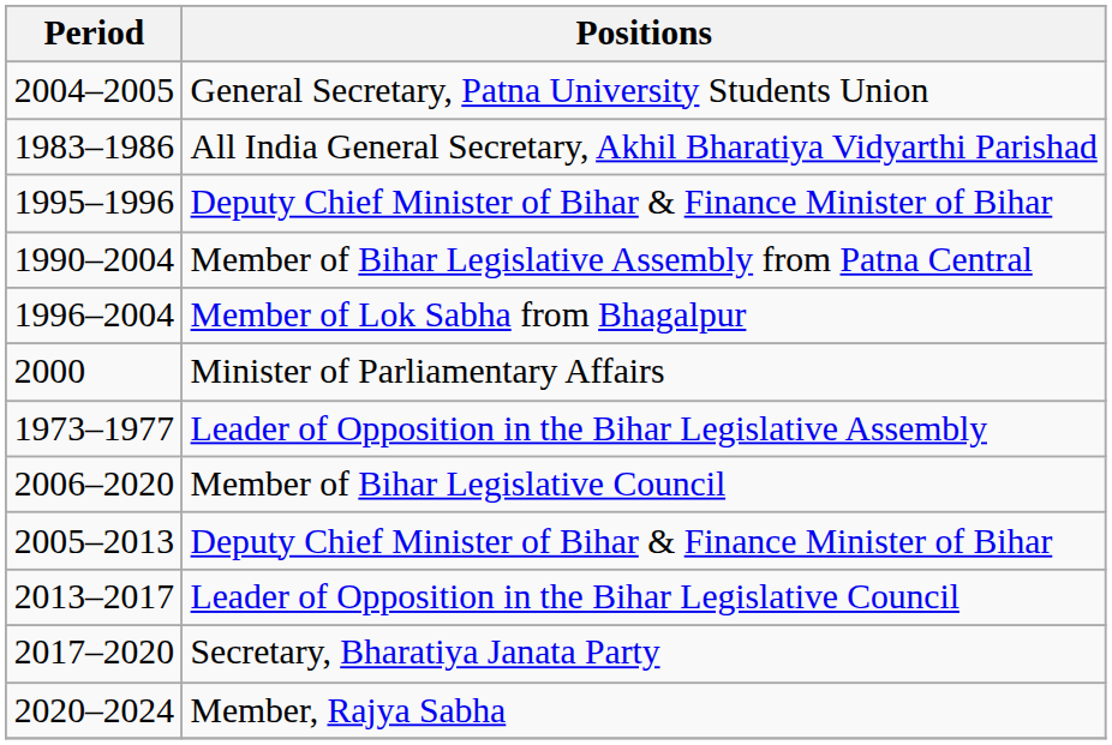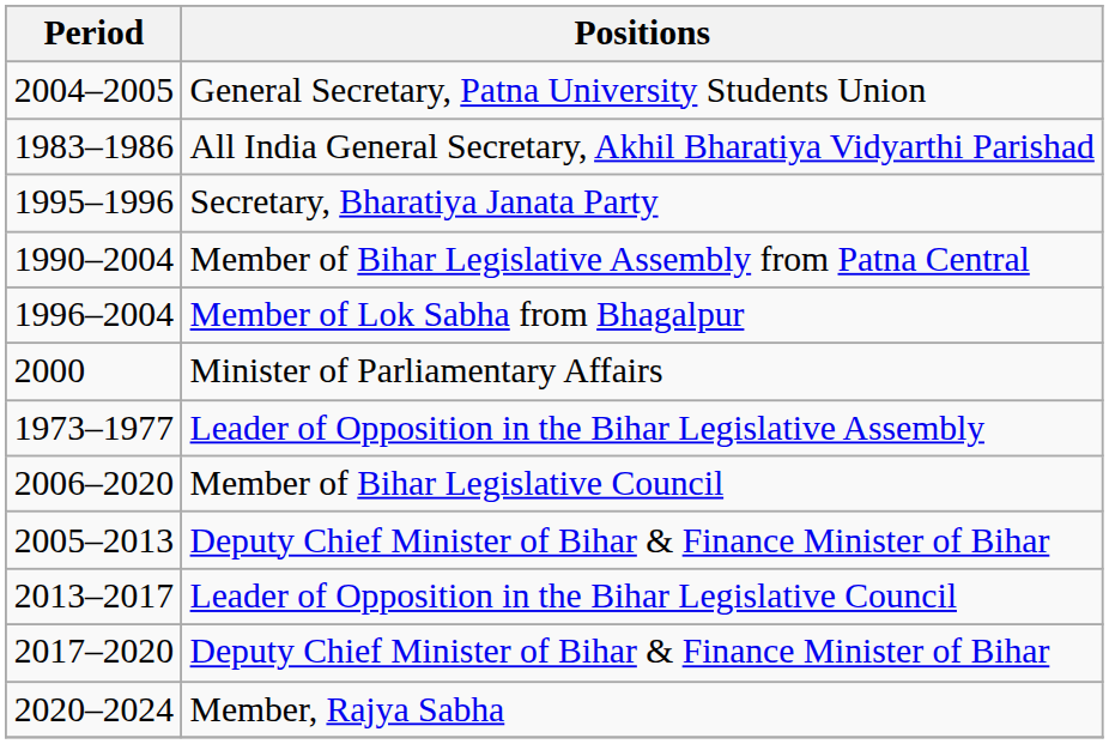 <table class="wikitable">
 <tr>
 <th>Period</th>
 <th>Positions</th>
 </tr>
 <tr>
 <td>2004–2005</td>
 <td>General Secretary, <a href='#'>Patna University</a> Students Union</td>
 </tr>
 <tr>
 <td>1983–1986</td>
 <td>All India General Secretary, <a href='#'>Akhil Bharatiya Vidyarthi Parishad</a></td>
 </tr>
 <tr>
 <td>1995–1996</td>
-<td><a href='#'>Deputy Chief Minister of Bihar</a> & <a href='#'>Finance Minister of Bihar</a></td>
+<td>Secretary, <a href='#'>Bharatiya Janata Party</a></td>
 </tr>
 <tr>
 <td>1990–2004</td>
 <td>Member of <a href='#'>Bihar Legislative Assembly</a> from <a href='#'>Patna Central</a></td>
 </tr>
 <tr>
 <td>1996–2004</td>
 <td><a href='#'>Member of Lok Sabha</a> from <a href='#'>Bhagalpur</a></td>
 </tr>
 <tr>
 <td>2000</td>
 <td>Minister of Parliamentary Affairs</td>
 </tr>
 <tr>
 <td>1973–1977</td>
 <td><a href='#'>Leader of Opposition in the Bihar Legislative Assembly</a></td>
 </tr>
 <tr>
 <td>2006–2020</td>
 <td>Member of <a href='#'>Bihar Legislative Council</a></td>
 </tr>
 <tr>
 <td>2005–2013</td>
 <td><a href='#'>Deputy Chief Minister of Bihar</a> & <a href='#'>Finance Minister of Bihar</a></td>
 </tr>
 <tr>
 <td>2013–2017</td>
 <td><a href='#'>Leader of Opposition in the Bihar Legislative Council</a></td>
 </tr>
 <tr>
 <td>2017–2020</td>
-<td>Secretary, <a href='#'>Bharatiya Janata Party</a></td>
+<td><a href='#'>Deputy Chief Minister of Bihar</a> & <a href='#'>Finance Minister of Bihar</a></td>
 </tr>
 <tr>
 <td>2020–2024</td>
 <td>Member, <a href='#'>Rajya Sabha</a></td>
 </tr>
 <tr>
 </tr>
 </table>
